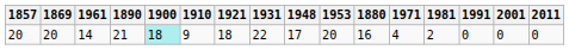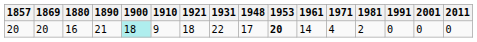 <table class="wikitable">
 <tr>
 <th>1857</th>
 <th>1869</th>
-<th>1961</th>
+<th>1880</th>
 <th>1890</th>
 <th>1900</th>
 <th>1910</th>
 <th>1921</th>
 <th>1931</th>
 <th>1948</th>
 <th>1953</th>
-<th>1880</th>
+<th>1961</th>
 <th>1971</th>
 <th>1981</th>
 <th>1991</th>
 <th>2001</th>
 <th>2011</th>
 </tr>
 <tr>
 <td>20</td>
 <td>20</td>
-<td>14</td>
+<td>16</td>
 <td>21</td>
 <td style="background: paleturquoise;">18</td>
 <td>9</td>
 <td>18</td>
 <td>22</td>
 <td>17</td>
-<td>20</td>
-<td>16</td>
+<td><strong>20</strong></td>
+<td>14</td>
 <td>4</td>
 <td>2</td>
 <td>0</td>
 <td>0</td>
 <td>0</td>
 </tr>
 </table>
